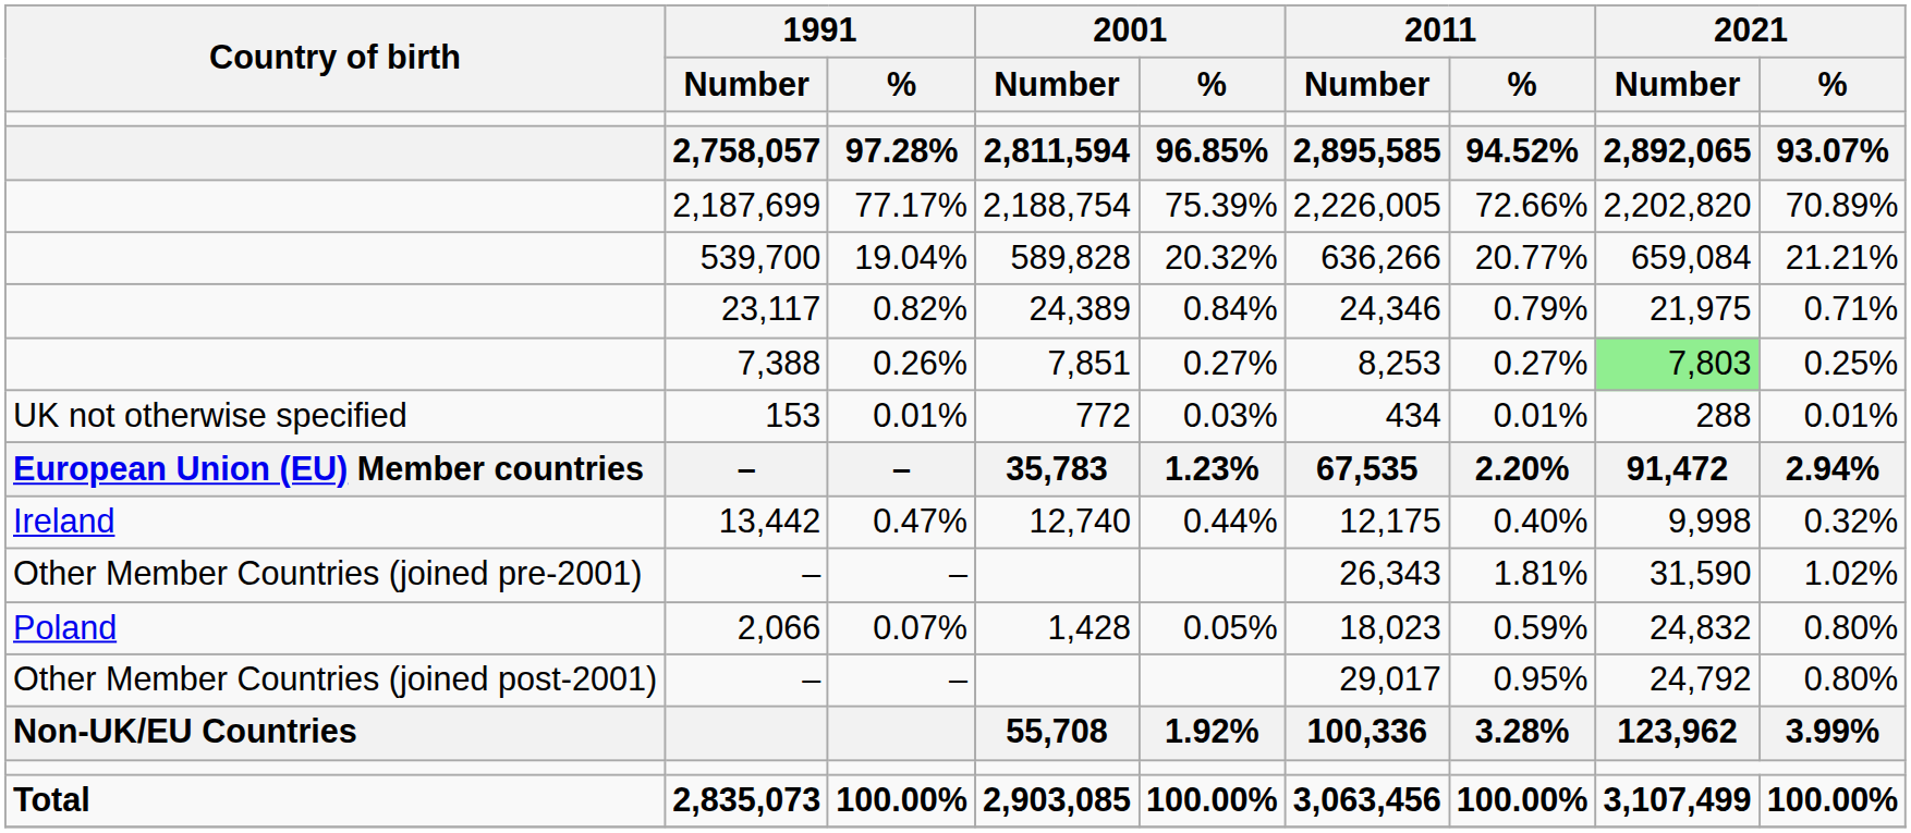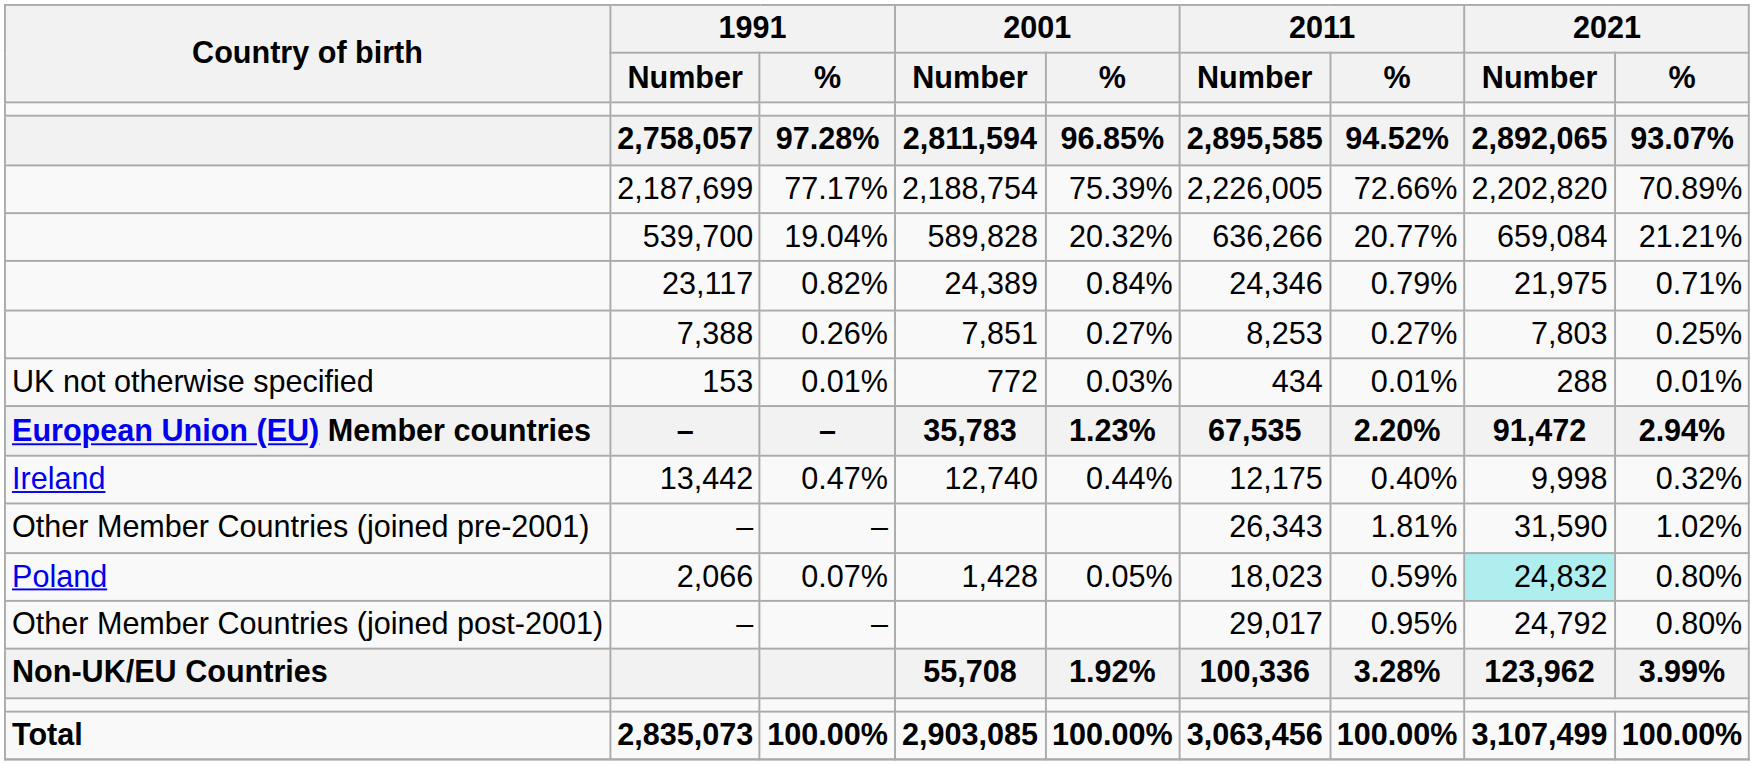 <table class="wikitable sortable" style="text-align:right">
 <tr>
 <th rowspan="2">Country of birth</th>
 <th colspan="2">1991</th>
 <th colspan="2">2001</th>
 <th colspan="2">2011</th>
 <th colspan="2">2021</th>
 </tr>
 <tr>
 <th>Number</th>
 <th>%</th>
 <th>Number</th>
 <th>%</th>
 <th>Number</th>
 <th>%</th>
 <th>Number</th>
 <th>%</th>
 </tr>
 <tr>
 <td></td>
 <td></td>
 <td></td>
 <td></td>
 <td></td>
 <td></td>
 <td></td>
 <td></td>
 <td></td>
 </tr>
 <tr>
 <th style="text-align:left"></th>
 <th>2,758,057</th>
 <th>97.28%</th>
 <th>2,811,594</th>
 <th>96.85%</th>
 <th>2,895,585</th>
 <th>94.52%</th>
 <th>2,892,065</th>
 <th>93.07%</th>
 </tr>
 <tr>
 <td style="text-align:left"></td>
 <td>2,187,699</td>
 <td>77.17%</td>
 <td>2,188,754</td>
 <td>75.39%</td>
 <td>2,226,005</td>
 <td>72.66%</td>
 <td>2,202,820</td>
 <td>70.89%</td>
 </tr>
 <tr>
 <td style="text-align:left"></td>
 <td>539,700</td>
 <td>19.04%</td>
 <td>589,828</td>
 <td>20.32%</td>
 <td>636,266</td>
 <td>20.77%</td>
 <td>659,084</td>
 <td>21.21%</td>
 </tr>
 <tr>
 <td style="text-align:left"></td>
 <td>23,117</td>
 <td>0.82%</td>
 <td>24,389</td>
 <td>0.84%</td>
 <td>24,346</td>
 <td>0.79%</td>
 <td>21,975</td>
 <td>0.71%</td>
 </tr>
 <tr>
 <td style="text-align:left"></td>
 <td>7,388</td>
 <td>0.26%</td>
 <td>7,851</td>
 <td>0.27%</td>
 <td>8,253</td>
 <td>0.27%</td>
-<td style="background: lightgreen;">7,803</td>
+<td>7,803</td>
 <td>0.25%</td>
 </tr>
 <tr>
 <td style="text-align:left">UK not otherwise specified</td>
 <td>153</td>
 <td>0.01%</td>
 <td>772</td>
 <td>0.03%</td>
 <td>434</td>
 <td>0.01%</td>
 <td>288</td>
 <td>0.01%</td>
 </tr>
 <tr>
 <th style="text-align:left"> <a href='#'>European Union (EU)</a> Member countries</th>
 <th>–</th>
 <th>–</th>
 <th>35,783</th>
 <th>1.23%</th>
 <th>67,535</th>
 <th>2.20%</th>
 <th>91,472</th>
 <th>2.94%</th>
 </tr>
 <tr>
 <td style="text-align:left"> <a href='#'>Ireland</a></td>
 <td>13,442</td>
 <td>0.47%</td>
 <td>12,740</td>
 <td>0.44%</td>
 <td>12,175</td>
 <td>0.40%</td>
 <td>9,998</td>
 <td>0.32%</td>
 </tr>
 <tr>
 <td style="text-align:left">Other  Member Countries (joined pre-2001)</td>
 <td>–</td>
 <td>–</td>
 <td></td>
 <td></td>
 <td>26,343</td>
 <td>1.81%</td>
 <td>31,590</td>
 <td>1.02%</td>
 </tr>
 <tr>
 <td style="text-align:left"> <a href='#'>Poland</a></td>
 <td>2,066</td>
 <td>0.07%</td>
 <td>1,428</td>
 <td>0.05%</td>
 <td>18,023</td>
 <td>0.59%</td>
-<td>24,832</td>
+<td style="background: paleturquoise;">24,832</td>
 <td>0.80%</td>
 </tr>
 <tr>
 <td style="text-align:left">Other  Member Countries (joined post-2001)</td>
 <td>–</td>
 <td>–</td>
 <td></td>
 <td></td>
 <td>29,017</td>
 <td>0.95%</td>
 <td>24,792</td>
 <td>0.80%</td>
 </tr>
 <tr>
 <th style="text-align:left">Non-UK/EU Countries</th>
 <th></th>
 <th></th>
 <th>55,708</th>
 <th>1.92%</th>
 <th>100,336</th>
 <th>3.28%</th>
 <th>123,962</th>
 <th>3.99%</th>
 </tr>
 <tr>
 <td></td>
 <td></td>
 <td></td>
 <td></td>
 <td></td>
 <td></td>
 <td></td>
 </tr>
 <tr>
 <td style="text-align:left"><strong>Total</strong></td>
 <td><strong>2,835,073</strong></td>
 <td><strong>100.00%</strong></td>
 <td><strong>2,903,085</strong></td>
 <td><strong>100.00%</strong></td>
 <td><strong>3,063,456</strong></td>
 <td><strong>100.00%</strong></td>
 <td><strong>3,107,499</strong></td>
 <td><strong>100.00%</strong></td>
 </tr>
 <tr>
 </tr>
 </table>
